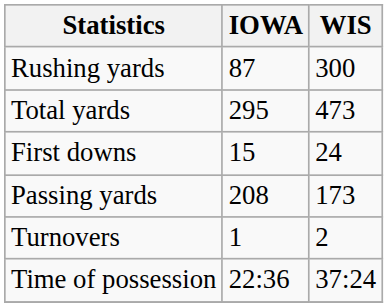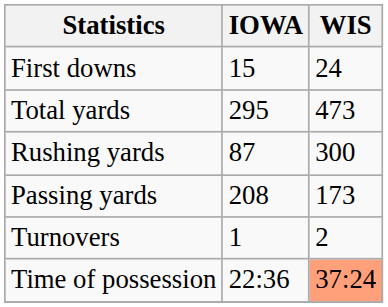 <table class="wikitable">
 <tr>
 <th>Statistics</th>
 <th>IOWA</th>
 <th>WIS</th>
 </tr>
 <tr>
-<td>Rushing yards</td>
-<td>87</td>
-<td>300</td>
+<td>First downs</td>
+<td>15</td>
+<td>24</td>
 </tr>
 <tr>
 <td>Total yards</td>
 <td>295</td>
 <td>473</td>
 </tr>
 <tr>
-<td>First downs</td>
-<td>15</td>
-<td>24</td>
+<td>Rushing yards</td>
+<td>87</td>
+<td>300</td>
 </tr>
 <tr>
 <td>Passing yards</td>
 <td>208</td>
 <td>173</td>
 </tr>
 <tr>
 <td>Turnovers</td>
 <td>1</td>
 <td>2</td>
 </tr>
 <tr>
 <td>Time of possession</td>
 <td>22:36</td>
-<td>37:24</td>
+<td style="background: lightsalmon;">37:24</td>
 </tr>
 <tr>
 </tr>
 </table>
